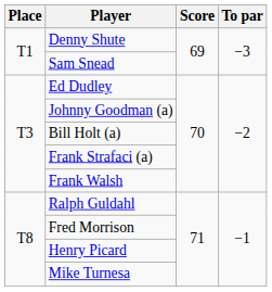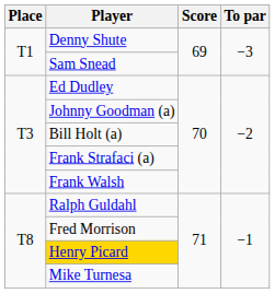 <table class=wikitable>
 <tr>
 <th>Place</th>
 <th>Player</th>
 <th>Score</th>
 <th>To par</th>
 </tr>
 <tr>
 <td rowspan=2 align=center>T1</td>
 <td> <a href='#'>Denny Shute</a></td>
 <td rowspan=2 align=center>69</td>
 <td rowspan=2 align=center>−3</td>
 </tr>
 <tr>
 <td> <a href='#'>Sam Snead</a></td>
 </tr>
 <tr>
 <td rowspan=5 align=center>T3</td>
 <td> <a href='#'>Ed Dudley</a></td>
 <td rowspan=5 align=center>70</td>
 <td rowspan=5 align=center>−2</td>
 </tr>
 <tr>
 <td> <a href='#'>Johnny Goodman</a> (a)</td>
 </tr>
 <tr>
 <td> Bill Holt (a)</td>
 </tr>
 <tr>
 <td> <a href='#'>Frank Strafaci</a> (a)</td>
 </tr>
 <tr>
 <td> <a href='#'>Frank Walsh</a></td>
 </tr>
 <tr>
 <td rowspan=4 align=center>T8</td>
 <td> <a href='#'>Ralph Guldahl</a></td>
 <td rowspan=4 align=center>71</td>
 <td rowspan=4 align=center>−1</td>
 </tr>
 <tr>
 <td> Fred Morrison</td>
 </tr>
 <tr>
-<td> <a href='#'>Henry Picard</a></td>
+<td style="background: gold;"> <a href='#'>Henry Picard</a></td>
 </tr>
 <tr>
 <td> <a href='#'>Mike Turnesa</a></td>
 </tr>
 </table>
